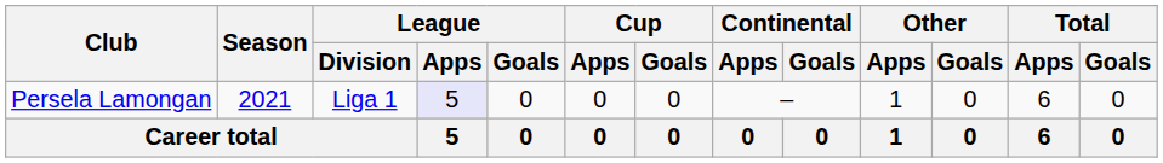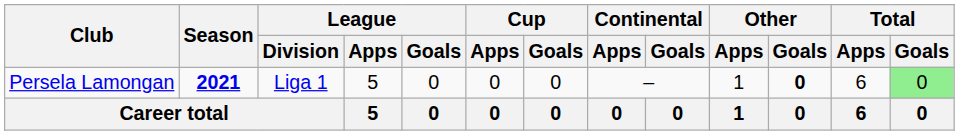 <table class="wikitable" style="text-align: center">
 <tr>
 <th rowspan="2">Club</th>
 <th rowspan="2">Season</th>
 <th colspan="3">League</th>
 <th colspan="2">Cup</th>
 <th colspan="2">Continental</th>
 <th colspan="2">Other</th>
 <th colspan="2">Total</th>
 </tr>
 <tr>
 <th>Division</th>
 <th>Apps</th>
 <th>Goals</th>
 <th>Apps</th>
 <th>Goals</th>
 <th>Apps</th>
 <th>Goals</th>
 <th>Apps</th>
 <th>Goals</th>
 <th>Apps</th>
 <th>Goals</th>
 </tr>
 <tr>
 <td rowspan="1"><a href='#'>Persela Lamongan</a></td>
-<td><a href='#'>2021</a></td>
+<td><strong><a href='#'>2021</a></strong></td>
 <td rowspan="1" valign="center"><a href='#'>Liga 1</a></td>
-<td style="background: lavender;">5</td>
+<td>5</td>
 <td>0</td>
 <td>0</td>
 <td>0</td>
 <td colspan="2">–</td>
 <td>1</td>
-<td>0</td>
+<td><strong>0</strong></td>
 <td>6</td>
-<td>0</td>
+<td style="background: lightgreen;">0</td>
 </tr>
 <tr>
 <th colspan=3>Career total</th>
 <th>5</th>
 <th>0</th>
 <th>0</th>
 <th>0</th>
 <th>0</th>
 <th>0</th>
 <th>1</th>
 <th>0</th>
 <th>6</th>
 <th>0</th>
 </tr>
 </table>
